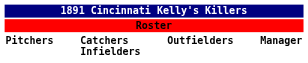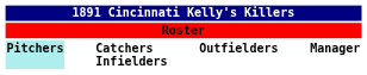 <table class="toccolours" style="font-size: 95%;">
 <tr>
 <th colspan="10" style="background-color: navy; color: white; text-align: center;">1891 Cincinnati Kelly's Killers</th>
 </tr>
 <tr>
 <td colspan="10" style="background-color: red; color: black; text-align: center;"><strong>Roster</strong></td>
 </tr>
 <tr>
-<td valign="top"><strong>Pitchers</strong><br>        </td>
+<td valign="top" style="background: paleturquoise;"><strong>Pitchers</strong><br>        </td>
 <td width="25px"></td>
 <td valign="top"><strong>Catchers</strong><br>   <strong>Infielders</strong>       </td>
 <td width="25px"></td>
 <td valign="top"><strong>Outfielders</strong><br>   </td>
 <td width="25px"></td>
 <td valign="top"><strong>Manager</strong><br></td>
 </tr>
 </table>
